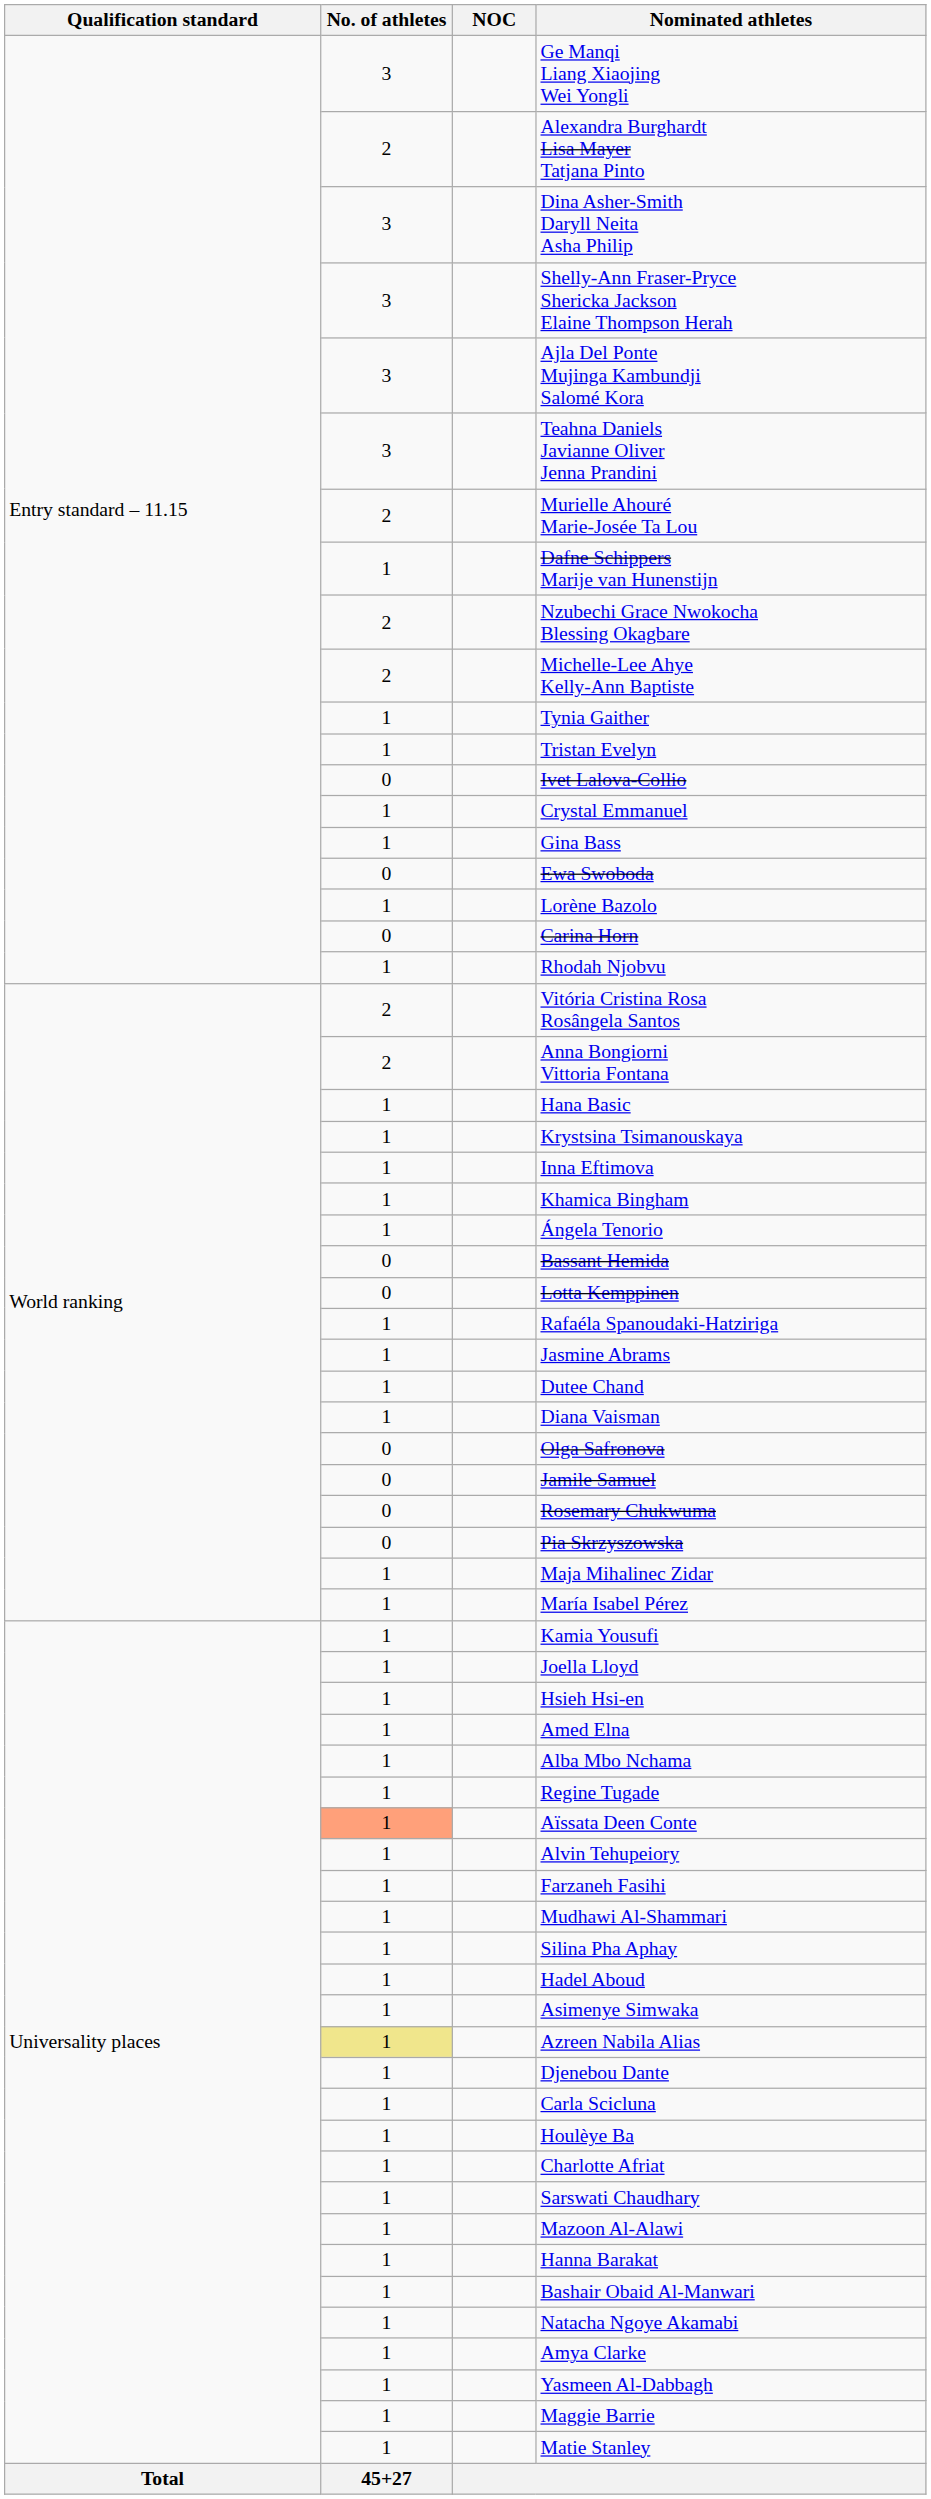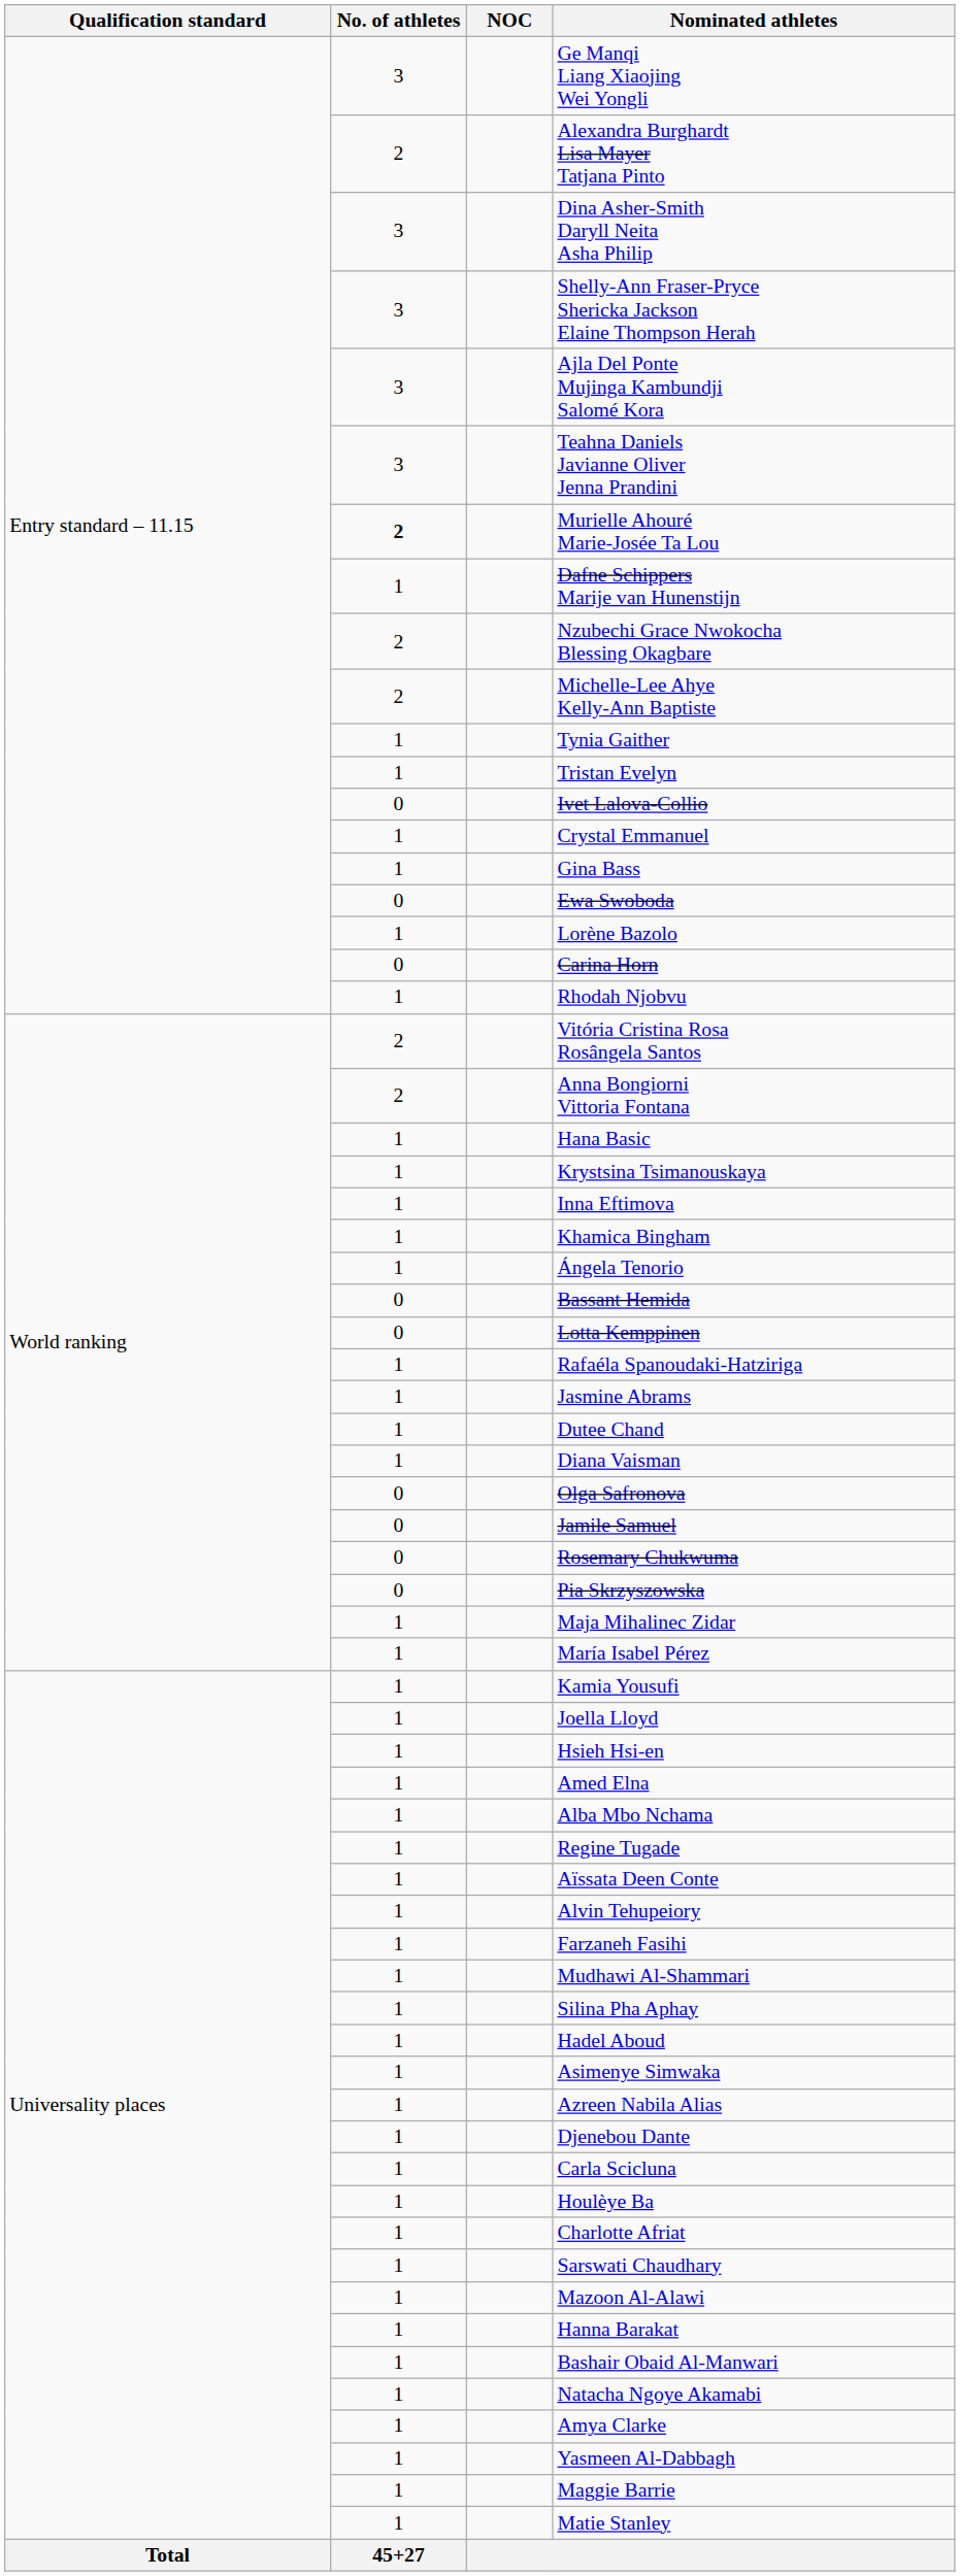 <table class="wikitable" style="text-align:left; width:750px;">
 <tr>
 <th>Qualification standard</th>
 <th width=100>No. of athletes</th>
 <th>NOC</th>
 <th>Nominated athletes</th>
 </tr>
 <tr>
 <td rowspan=19>Entry standard – 11.15</td>
 <td align=center>3</td>
 <td></td>
 <td><a href='#'>Ge Manqi</a><br><a href='#'>Liang Xiaojing</a><br><a href='#'>Wei Yongli</a></td>
 </tr>
 <tr>
 <td align=center>2</td>
 <td></td>
 <td><a href='#'>Alexandra Burghardt</a><br><s><a href='#'>Lisa Mayer</a></s><br><a href='#'>Tatjana Pinto</a></td>
 </tr>
 <tr>
 <td align=center>3</td>
 <td></td>
 <td><a href='#'>Dina Asher-Smith</a><br><a href='#'>Daryll Neita</a><br><a href='#'>Asha Philip</a></td>
 </tr>
 <tr>
 <td align=center>3</td>
 <td></td>
 <td><a href='#'>Shelly-Ann Fraser-Pryce</a><br><a href='#'>Shericka Jackson</a><br><a href='#'>Elaine Thompson Herah</a></td>
 </tr>
 <tr>
 <td align=center>3</td>
 <td></td>
 <td><a href='#'>Ajla Del Ponte</a><br><a href='#'>Mujinga Kambundji</a><br><a href='#'>Salomé Kora</a></td>
 </tr>
 <tr>
 <td align=center>3</td>
 <td></td>
 <td><a href='#'>Teahna Daniels</a><br><a href='#'>Javianne Oliver</a><br><a href='#'>Jenna Prandini</a></td>
 </tr>
 <tr>
-<td align=center>2</td>
+<td align=center><strong>2</strong></td>
 <td></td>
 <td><a href='#'>Murielle Ahouré</a><br><a href='#'>Marie-Josée Ta Lou</a></td>
 </tr>
 <tr>
 <td align=center>1</td>
 <td></td>
 <td><s><a href='#'>Dafne Schippers</a></s><br><a href='#'>Marije van Hunenstijn</a></td>
 </tr>
 <tr>
 <td align=center>2</td>
 <td></td>
 <td><a href='#'>Nzubechi Grace Nwokocha</a><br><a href='#'>Blessing Okagbare</a></td>
 </tr>
 <tr>
 <td align=center>2</td>
 <td></td>
 <td><a href='#'>Michelle-Lee Ahye</a><br><a href='#'>Kelly-Ann Baptiste</a></td>
 </tr>
 <tr>
 <td align=center>1</td>
 <td></td>
 <td><a href='#'>Tynia Gaither</a></td>
 </tr>
 <tr>
 <td align=center>1</td>
 <td></td>
 <td><a href='#'>Tristan Evelyn</a></td>
 </tr>
 <tr>
 <td align=center>0</td>
 <td></td>
 <td><s><a href='#'>Ivet Lalova-Collio</a></s></td>
 </tr>
 <tr>
 <td align=center>1</td>
 <td></td>
 <td><a href='#'>Crystal Emmanuel</a></td>
 </tr>
 <tr>
 <td align=center>1</td>
 <td></td>
 <td><a href='#'>Gina Bass</a></td>
 </tr>
 <tr>
 <td align=center>0</td>
 <td></td>
 <td><s><a href='#'>Ewa Swoboda</a></s></td>
 </tr>
 <tr>
 <td align=center>1</td>
 <td></td>
 <td><a href='#'>Lorène Bazolo</a></td>
 </tr>
 <tr>
 <td align=center>0</td>
 <td></td>
 <td><s><a href='#'>Carina Horn</a></s></td>
 </tr>
 <tr>
 <td align=center>1</td>
 <td></td>
 <td><a href='#'>Rhodah Njobvu</a></td>
 </tr>
 <tr>
 <td rowspan=19>World ranking</td>
 <td align=center>2</td>
 <td></td>
 <td><a href='#'>Vitória Cristina Rosa</a><br><a href='#'>Rosângela Santos</a></td>
 </tr>
 <tr>
 <td align=center>2</td>
 <td></td>
 <td><a href='#'>Anna Bongiorni</a><br><a href='#'>Vittoria Fontana</a></td>
 </tr>
 <tr>
 <td align=center>1</td>
 <td></td>
 <td><a href='#'>Hana Basic</a></td>
 </tr>
 <tr>
 <td align=center>1</td>
 <td></td>
 <td><a href='#'>Krystsina Tsimanouskaya</a></td>
 </tr>
 <tr>
 <td align=center>1</td>
 <td></td>
 <td><a href='#'>Inna Eftimova</a></td>
 </tr>
 <tr>
 <td align=center>1</td>
 <td></td>
 <td><a href='#'>Khamica Bingham</a></td>
 </tr>
 <tr>
 <td align=center>1</td>
 <td></td>
 <td><a href='#'>Ángela Tenorio</a></td>
 </tr>
 <tr>
 <td align=center>0</td>
 <td></td>
 <td><s><a href='#'>Bassant Hemida</a></s></td>
 </tr>
 <tr>
 <td align=center>0</td>
 <td></td>
 <td><s><a href='#'>Lotta Kemppinen</a></s></td>
 </tr>
 <tr>
 <td align=center>1</td>
 <td></td>
 <td><a href='#'>Rafaéla Spanoudaki-Hatziriga</a></td>
 </tr>
 <tr>
 <td align=center>1</td>
 <td></td>
 <td><a href='#'>Jasmine Abrams</a></td>
 </tr>
 <tr>
 <td align=center>1</td>
 <td></td>
 <td><a href='#'>Dutee Chand</a></td>
 </tr>
 <tr>
 <td align=center>1</td>
 <td></td>
 <td><a href='#'>Diana Vaisman</a></td>
 </tr>
 <tr>
 <td align=center>0</td>
 <td></td>
 <td><s><a href='#'>Olga Safronova</a></s></td>
 </tr>
 <tr>
 <td align=center>0</td>
 <td></td>
 <td><s><a href='#'>Jamile Samuel</a></s></td>
 </tr>
 <tr>
 <td align=center>0</td>
 <td></td>
 <td><s><a href='#'>Rosemary Chukwuma</a></s></td>
 </tr>
 <tr>
 <td align=center>0</td>
 <td></td>
 <td><s><a href='#'>Pia Skrzyszowska</a></s></td>
 </tr>
 <tr>
 <td align=center>1</td>
 <td></td>
 <td><a href='#'>Maja Mihalinec Zidar</a></td>
 </tr>
 <tr>
 <td align=center>1</td>
 <td></td>
 <td><a href='#'>María Isabel Pérez</a></td>
 </tr>
 <tr>
 <td rowspan=27>Universality places</td>
 <td align=center>1</td>
 <td></td>
 <td><a href='#'>Kamia Yousufi</a></td>
 </tr>
 <tr>
 <td align=center>1</td>
 <td></td>
 <td><a href='#'>Joella Lloyd</a></td>
 </tr>
 <tr>
 <td align=center>1</td>
 <td></td>
 <td><a href='#'>Hsieh Hsi-en</a></td>
 </tr>
 <tr>
 <td align=center>1</td>
 <td></td>
 <td><a href='#'>Amed Elna</a></td>
 </tr>
 <tr>
 <td align=center>1</td>
 <td></td>
 <td><a href='#'>Alba Mbo Nchama</a></td>
 </tr>
 <tr>
 <td align=center>1</td>
 <td></td>
 <td><a href='#'>Regine Tugade</a></td>
 </tr>
 <tr>
-<td align=center style="background: lightsalmon;">1</td>
+<td align=center>1</td>
 <td></td>
 <td><a href='#'>Aïssata Deen Conte</a></td>
 </tr>
 <tr>
 <td align=center>1</td>
 <td></td>
 <td><a href='#'>Alvin Tehupeiory</a></td>
 </tr>
 <tr>
 <td align=center>1</td>
 <td></td>
 <td><a href='#'>Farzaneh Fasihi</a></td>
 </tr>
 <tr>
 <td align=center>1</td>
 <td></td>
 <td><a href='#'>Mudhawi Al-Shammari</a></td>
 </tr>
 <tr>
 <td align=center>1</td>
 <td></td>
 <td><a href='#'>Silina Pha Aphay</a></td>
 </tr>
 <tr>
 <td align=center>1</td>
 <td></td>
 <td><a href='#'>Hadel Aboud</a></td>
 </tr>
 <tr>
 <td align=center>1</td>
 <td></td>
 <td><a href='#'>Asimenye Simwaka</a></td>
 </tr>
 <tr>
-<td align=center style="background: khaki;">1</td>
+<td align=center>1</td>
 <td></td>
 <td><a href='#'>Azreen Nabila Alias</a></td>
 </tr>
 <tr>
 <td align=center>1</td>
 <td></td>
 <td><a href='#'>Djenebou Dante</a></td>
 </tr>
 <tr>
 <td align=center>1</td>
 <td></td>
 <td><a href='#'>Carla Scicluna</a></td>
 </tr>
 <tr>
 <td align=center>1</td>
 <td></td>
 <td><a href='#'>Houlèye Ba</a></td>
 </tr>
 <tr>
 <td align=center>1</td>
 <td></td>
 <td><a href='#'>Charlotte Afriat</a></td>
 </tr>
 <tr>
 <td align=center>1</td>
 <td></td>
 <td><a href='#'>Sarswati Chaudhary</a></td>
 </tr>
 <tr>
 <td align=center>1</td>
 <td></td>
 <td><a href='#'>Mazoon Al-Alawi</a></td>
 </tr>
 <tr>
 <td align=center>1</td>
 <td></td>
 <td><a href='#'>Hanna Barakat</a></td>
 </tr>
 <tr>
 <td align=center>1</td>
 <td></td>
 <td><a href='#'>Bashair Obaid Al-Manwari</a></td>
 </tr>
 <tr>
 <td align=center>1</td>
 <td></td>
 <td><a href='#'>Natacha Ngoye Akamabi</a></td>
 </tr>
 <tr>
 <td align=center>1</td>
 <td></td>
 <td><a href='#'>Amya Clarke</a></td>
 </tr>
 <tr>
 <td align=center>1</td>
 <td></td>
 <td><a href='#'>Yasmeen Al-Dabbagh</a></td>
 </tr>
 <tr>
 <td align=center>1</td>
 <td></td>
 <td><a href='#'>Maggie Barrie</a></td>
 </tr>
 <tr>
 <td align=center>1</td>
 <td></td>
 <td><a href='#'>Matie Stanley</a></td>
 </tr>
 <tr>
 <th>Total</th>
 <th>45+27</th>
 <th colspan=2></th>
 </tr>
 </table>
